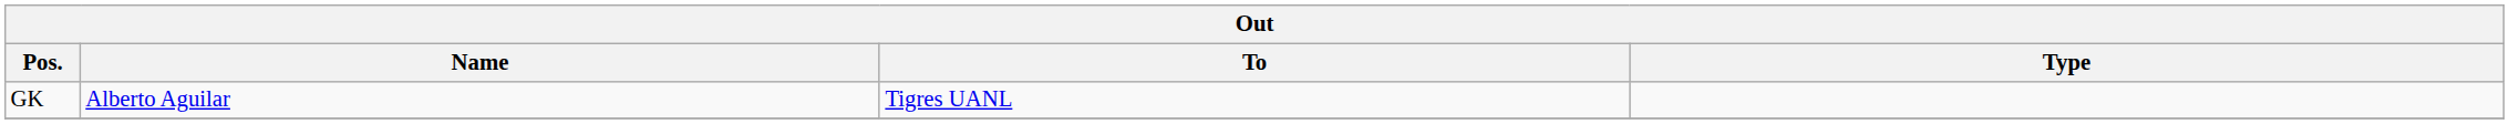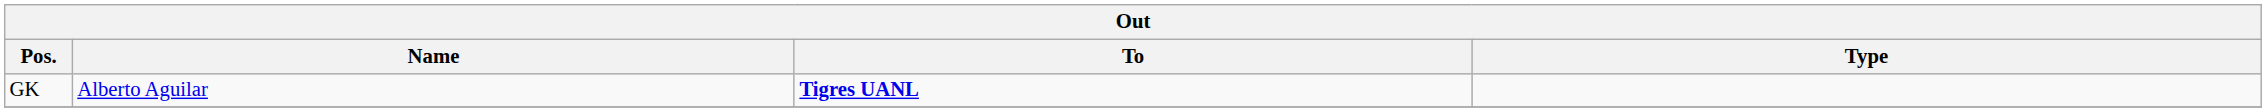 <table class="wikitable" style="font-size:90%;width:99%;">
 <tr>
 <th colspan="4">Out</th>
 </tr>
 <tr>
 <th width=3%>Pos.</th>
 <th width=32%>Name</th>
 <th width=30%>To</th>
 <th width=35%>Type</th>
 </tr>
 <tr>
 <td>GK</td>
 <td><a href='#'>Alberto Aguilar</a></td>
-<td><a href='#'>Tigres UANL</a></td>
+<td><strong><a href='#'>Tigres UANL</a></strong></td>
 <td></td>
 </tr>
 <tr>
 </tr>
 </table>
